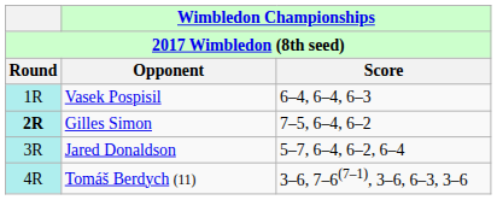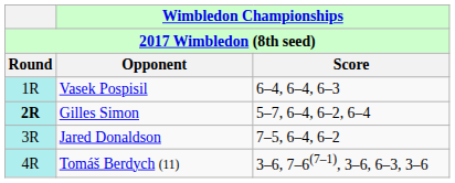 <table class="wikitable collapsible collapsed">
 <tr>
 <th></th>
 <th colspan=2 style="background:#cfc;"><a href='#'>Wimbledon Championships</a></th>
 </tr>
 <tr>
 <th colspan=3 style="background:#cfc;"><a href='#'>2017 Wimbledon</a> (8th seed)</th>
 </tr>
 <tr>
 <th width=15>Round</th>
 <th width=200>Opponent</th>
 <th width=200>Score</th>
 </tr>
 <tr>
 <td style="text-align:center; background:#afeeee;">1R</td>
 <td> <a href='#'>Vasek Pospisil</a></td>
 <td>6–4, 6–4, 6–3</td>
 </tr>
 <tr>
 <td style="text-align:center; background:#afeeee;"><strong>2R</strong></td>
 <td> <a href='#'>Gilles Simon</a></td>
-<td>7–5, 6–4, 6–2</td>
+<td>5–7, 6–4, 6–2, 6–4</td>
 </tr>
 <tr>
 <td style="text-align:center; background:#afeeee;">3R</td>
 <td> <a href='#'>Jared Donaldson</a></td>
-<td>5–7, 6–4, 6–2, 6–4</td>
+<td>7–5, 6–4, 6–2</td>
 </tr>
 <tr>
 <td style="text-align:center; background:#afeeee;">4R</td>
 <td> <a href='#'>Tomáš Berdych</a> <small>(11)</small></td>
 <td>3–6, 7–6<sup>(7–1)</sup>, 3–6, 6–3, 3–6</td>
 </tr>
 </table>
